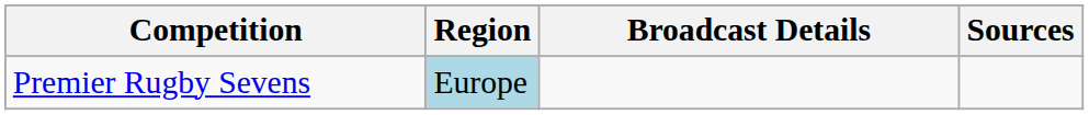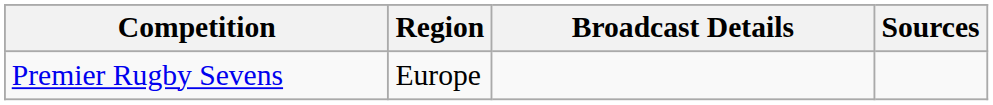 <table class="wikitable">
 <tr>
 <th width="200">Competition</th>
 <th>Region</th>
 <th width="200">Broadcast Details</th>
 <th>Sources</th>
 </tr>
 <tr>
 <td><a href='#'>Premier Rugby Sevens</a></td>
-<td style="background: lightblue;">Europe</td>
+<td>Europe</td>
 <td></td>
 </tr>
 </table>
